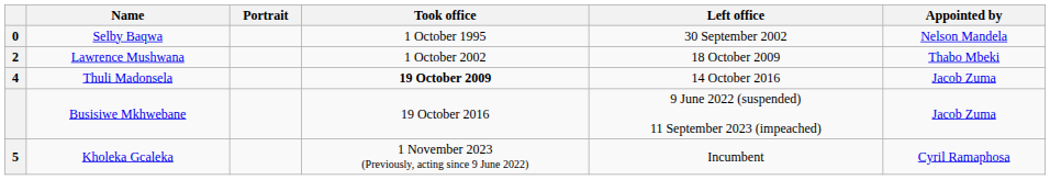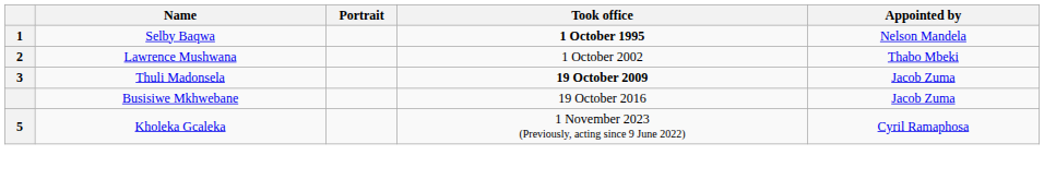 <table class="wikitable" style="width:100%; text-align:center;">
 <tr>
 <th></th>
 <th>Name<br></th>
 <th style="width:80px;">Portrait</th>
 <th>Took office</th>
-<th>Left office</th>
 <th>Appointed by</th>
 </tr>
 <tr>
-<th style="background:">0</th>
+<th style="background:">1</th>
 <td><a href='#'>Selby Baqwa</a><br></td>
 <td></td>
-<td>1 October 1995</td>
-<td>30 September 2002</td>
+<td><strong>1 October 1995</strong></td>
 <td><a href='#'>Nelson Mandela</a></td>
 </tr>
 <tr>
 <th style="background:">2</th>
 <td><a href='#'>Lawrence Mushwana</a><br></td>
 <td></td>
 <td>1 October 2002</td>
-<td>18 October 2009</td>
 <td><a href='#'>Thabo Mbeki</a></td>
 </tr>
 <tr>
-<th style="background:">4</th>
+<th style="background:">3</th>
 <td><a href='#'>Thuli Madonsela</a><br></td>
 <td></td>
 <td><strong>19 October 2009</strong></td>
-<td>14 October 2016</td>
 <td><a href='#'>Jacob Zuma</a></td>
 </tr>
 <tr>
 <th style="background:"></th>
 <td><a href='#'>Busisiwe Mkhwebane</a><br></td>
 <td></td>
 <td>19 October 2016</td>
-<td>9 June 2022 (suspended)<br><br>11 September 2023 (impeached)</td>
 <td><a href='#'>Jacob Zuma</a></td>
 </tr>
 <tr>
 <th style="background:">5</th>
 <td><a href='#'>Kholeka Gcaleka</a><br></td>
 <td></td>
 <td>1 November 2023<br><small>(Previously, acting since 9 June 2022)</small></td>
-<td>Incumbent</td>
 <td><a href='#'>Cyril Ramaphosa</a></td>
 </tr>
 </table>
